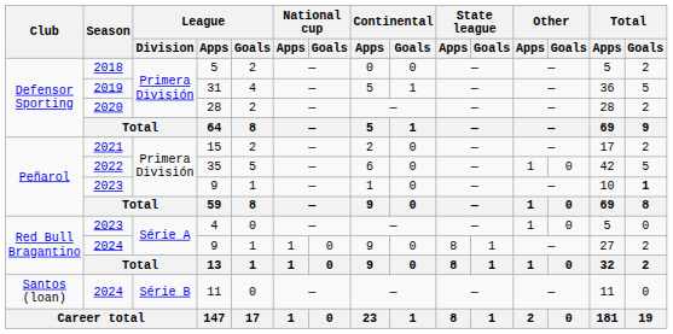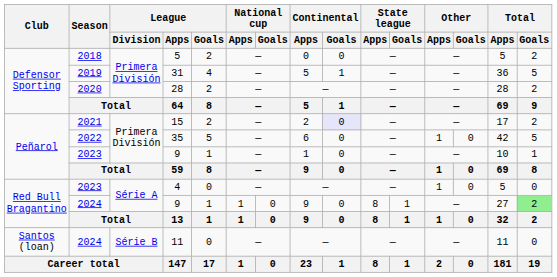 <table class="wikitable" style="text-align: center">
 <tr>
 <th rowspan="2">Club</th>
 <th rowspan="2">Season</th>
 <th colspan="3">League</th>
 <th colspan="2">National cup</th>
 <th colspan="2">Continental</th>
 <th colspan="2">State league</th>
 <th colspan="2">Other</th>
 <th colspan="2">Total</th>
 </tr>
 <tr>
 <th>Division</th>
 <th>Apps</th>
 <th>Goals</th>
 <th>Apps</th>
 <th>Goals</th>
 <th>Apps</th>
 <th>Goals</th>
 <th>Apps</th>
 <th>Goals</th>
 <th>Apps</th>
 <th>Goals</th>
 <th>Apps</th>
 <th>Goals</th>
 </tr>
 <tr>
 <td rowspan="4"><a href='#'>Defensor Sporting</a></td>
 <td><a href='#'>2018</a></td>
 <td rowspan="3"><a href='#'>Primera División</a></td>
 <td>5</td>
 <td>2</td>
 <td colspan="2">—</td>
 <td>0</td>
 <td>0</td>
 <td colspan="2">—</td>
 <td colspan="2">—</td>
 <td>5</td>
 <td>2</td>
 </tr>
 <tr>
 <td><a href='#'>2019</a></td>
 <td>31</td>
 <td>4</td>
 <td colspan="2">—</td>
 <td>5</td>
 <td>1</td>
 <td colspan="2">—</td>
 <td colspan="2">—</td>
 <td>36</td>
 <td>5</td>
 </tr>
 <tr>
 <td><a href='#'>2020</a></td>
 <td>28</td>
 <td>2</td>
 <td colspan="2">—</td>
 <td colspan="2">—</td>
 <td colspan="2">—</td>
 <td colspan="2">—</td>
 <td>28</td>
 <td>2</td>
 </tr>
 <tr>
 <th colspan="2">Total</th>
 <th>64</th>
 <th>8</th>
 <th colspan="2">—</th>
 <th>5</th>
 <th>1</th>
 <th colspan="2">—</th>
 <th colspan="2">—</th>
 <th>69</th>
 <th>9</th>
 </tr>
 <tr>
 <td rowspan="4"><a href='#'>Peñarol</a></td>
 <td><a href='#'>2021</a></td>
 <td rowspan="3">Primera División</td>
 <td>15</td>
 <td>2</td>
 <td colspan="2">—</td>
 <td>2</td>
-<td>0</td>
+<td style="background: lavender;">0</td>
 <td colspan="2">—</td>
 <td colspan="2">—</td>
 <td>17</td>
 <td>2</td>
 </tr>
 <tr>
 <td><a href='#'>2022</a></td>
 <td>35</td>
 <td>5</td>
 <td colspan="2">—</td>
 <td>6</td>
 <td>0</td>
 <td colspan="2">—</td>
 <td>1</td>
 <td>0</td>
 <td>42</td>
 <td>5</td>
 </tr>
 <tr>
 <td><a href='#'>2023</a></td>
 <td>9</td>
 <td>1</td>
 <td colspan="2">—</td>
 <td>1</td>
 <td>0</td>
 <td colspan="2">—</td>
 <td colspan="2">—</td>
 <td>10</td>
-<td><strong>1</strong></td>
+<td>1</td>
 </tr>
 <tr>
 <th colspan="2">Total</th>
 <th>59</th>
 <th>8</th>
 <th colspan="2">—</th>
 <th>9</th>
 <th>0</th>
 <th colspan="2">—</th>
 <th>1</th>
 <th>0</th>
 <th>69</th>
 <th>8</th>
 </tr>
 <tr>
 <td rowspan="3"><a href='#'>Red Bull Bragantino</a></td>
 <td><a href='#'>2023</a></td>
 <td rowspan="2"><a href='#'>Série A</a></td>
 <td>4</td>
 <td>0</td>
 <td colspan="2">—</td>
 <td colspan="2">—</td>
 <td colspan="2">—</td>
 <td>1</td>
 <td>0</td>
 <td>5</td>
 <td>0</td>
 </tr>
 <tr>
 <td><a href='#'>2024</a></td>
 <td>9</td>
 <td>1</td>
 <td>1</td>
 <td>0</td>
 <td>9</td>
 <td>0</td>
 <td>8</td>
 <td>1</td>
 <td colspan="2">—</td>
 <td>27</td>
-<td>2</td>
+<td style="background: lightgreen;">2</td>
 </tr>
 <tr>
 <th colspan="2">Total</th>
 <th>13</th>
 <th>1</th>
 <th>1</th>
 <th>0</th>
 <th>9</th>
 <th>0</th>
 <th>8</th>
 <th>1</th>
 <th>1</th>
 <th>0</th>
 <th>32</th>
 <th>2</th>
 </tr>
 <tr>
 <td><a href='#'>Santos</a> (loan)</td>
 <td><a href='#'>2024</a></td>
 <td><a href='#'>Série B</a></td>
 <td>11</td>
 <td>0</td>
 <td colspan="2">—</td>
 <td colspan="2">—</td>
 <td colspan="2">—</td>
 <td colspan="2">—</td>
 <td>11</td>
 <td>0</td>
 </tr>
 <tr>
 <th colspan="3">Career total</th>
 <th>147</th>
 <th>17</th>
 <th>1</th>
 <th>0</th>
 <th>23</th>
 <th>1</th>
 <th>8</th>
 <th>1</th>
 <th>2</th>
 <th>0</th>
 <th>181</th>
 <th>19</th>
 </tr>
 </table>
